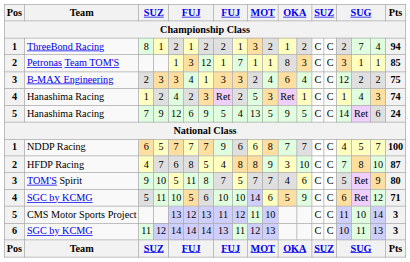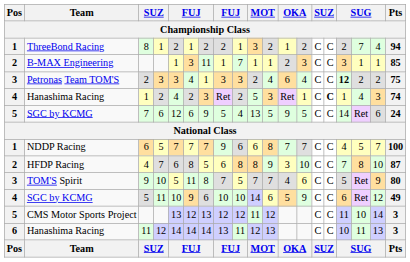 <table class="wikitable" style="font-size: 85%; text-align:center">
 <tr valign="top">
 <th valign="middle">Pos</th>
 <th valign="middle">Team</th>
 <th colspan=2><a href='#'>SUZ</a></th>
 <th colspan=3><a href='#'>FUJ</a></th>
 <th colspan=2><a href='#'>FUJ</a></th>
 <th colspan=2><a href='#'>MOT</a></th>
 <th colspan=2><a href='#'>OKA</a></th>
 <th colspan=2><a href='#'>SUZ</a></th>
 <th colspan=3><a href='#'>SUG</a></th>
 <th valign="middle">Pts</th>
 </tr>
 <tr>
 <th colspan=19>Championship Class</th>
 </tr>
 <tr>
 <th>1</th>
 <td align=left><a href='#'>ThreeBond Racing</a></td>
 <td style="background:#DFFFDF;">8</td>
 <td style="background:#FFFFBF;">1</td>
 <td style="background:#DFDFDF;">2</td>
 <td style="background:#FFFFBF;">1</td>
 <td style="background:#DFDFDF;">2</td>
 <td style="background:#DFDFDF;">2</td>
 <td style="background:#FFFFBF;">1</td>
 <td style="background:#FFDF9F;">3</td>
 <td style="background:#DFDFDF;">2</td>
 <td style="background:#FFFFBF;">1</td>
 <td style="background:#DFDFDF;">2</td>
 <td style="background:#ffffff;">C</td>
 <td style="background:#ffffff;">C</td>
 <td style="background:#DFDFDF;">2</td>
 <td style="background:#DFFFDF;">7</td>
 <td style="background:#DFFFDF;">4</td>
 <th>94</th>
 </tr>
 <tr>
 <th>2</th>
-<td align=left><a href='#'>Petronas</a> <a href='#'>Team TOM'S</a></td>
+<td align=left><a href='#'>B-MAX Engineering</a></td>
 <td></td>
 <td></td>
 <td style="background:#FFFFBF;">1</td>
 <td style="background:#FFDF9F;">3</td>
-<td style="background:#DFFFDF;">12</td>
+<td style="background:#DFFFDF;">11</td>
 <td style="background:#FFFFBF;">1</td>
 <td style="background:#DFFFDF;">7</td>
 <td style="background:#FFFFBF;">1</td>
 <td style="background:#FFFFBF;">1</td>
-<td style="background:#DFDFDF;">8</td>
+<td style="background:#DFDFDF;">2</td>
 <td style="background:#FFDF9F;">3</td>
 <td style="background:#ffffff;">C</td>
 <td style="background:#ffffff;">C</td>
 <td style="background:#FFDF9F;">3</td>
 <td style="background:#FFFFBF;">1</td>
 <td style="background:#FFFFBF;">1</td>
 <th>85</th>
 </tr>
 <tr>
 <th>3</th>
-<td align=left><a href='#'>B-MAX Engineering</a></td>
+<td align=left><a href='#'>Petronas</a> <a href='#'>Team TOM'S</a></td>
 <td style="background:#DFDFDF;">2</td>
 <td style="background:#FFDF9F;">3</td>
 <td style="background:#FFDF9F;">3</td>
 <td style="background:#DFFFDF;">4</td>
 <td style="background:#FFFFBF;">1</td>
 <td style="background:#FFDF9F;">3</td>
 <td style="background:#FFDF9F;">3</td>
 <td style="background:#DFDFDF;">2</td>
 <td style="background:#DFFFDF;">4</td>
 <td style="background:#FFDF9F;">6</td>
 <td style="background:#DFFFDF;">4</td>
 <td style="background:#ffffff;">C</td>
 <td style="background:#ffffff;">C</td>
-<td style="background:#DFFFDF;">12</td>
+<td style="background:#DFFFDF;"><strong>12</strong></td>
 <td style="background:#DFDFDF;">2</td>
 <td style="background:#DFDFDF;">2</td>
 <th>75</th>
 </tr>
 <tr>
 <th>4</th>
 <td align=left>Hanashima Racing</td>
 <td style="background:#FFFFBF;">1</td>
 <td style="background:#DFDFDF;">2</td>
 <td style="background:#DFFFDF;">4</td>
 <td style="background:#DFDFDF;">2</td>
 <td style="background:#FFDF9F;">3</td>
 <td style="background:#EFCFFF;">Ret</td>
 <td style="background:#DFDFDF;">2</td>
 <td style="background:#DFFFDF;">5</td>
 <td style="background:#FFDF9F;">3</td>
 <td style="background:#EFCFFF;">Ret</td>
 <td style="background:#FFFFBF;">1</td>
 <td style="background:#ffffff;">C</td>
-<td style="background:#ffffff;">C</td>
+<td style="background:#ffffff;"><strong>C</strong></td>
 <td style="background:#FFFFBF;">1</td>
 <td style="background:#DFFFDF;">4</td>
 <td style="background:#FFDF9F;">3</td>
 <th>74</th>
 </tr>
 <tr>
 <th>5</th>
-<td align=left>Hanashima Racing</td>
+<td align=left><a href='#'>SGC by KCMG</a></td>
 <td style="background:#DFFFDF;">7</td>
-<td style="background:#DFFFDF;">9</td>
+<td style="background:#DFFFDF;">6</td>
 <td style="background:#DFFFDF;">12</td>
 <td style="background:#DFFFDF;">6</td>
 <td style="background:#DFFFDF;">9</td>
 <td style="background:#DFFFDF;">5</td>
 <td style="background:#DFFFDF;">4</td>
 <td style="background:#DFFFDF;">13</td>
 <td style="background:#DFFFDF;">5</td>
 <td style="background:#DFFFDF;">9</td>
 <td style="background:#DFFFDF;">5</td>
 <td style="background:#ffffff;">C</td>
 <td style="background:#ffffff;">C</td>
 <td style="background:#DFFFDF;">14</td>
 <td style="background:#EFCFFF;">Ret</td>
 <td style="background:#DFDFDF;">6</td>
 <th>24</th>
 </tr>
 <tr>
 <th colspan=19>National Class</th>
 </tr>
 <tr>
 <th>1</th>
 <td align=left>NDDP Racing</td>
 <td style="background:#FFDF9F;">6</td>
 <td style="background:#FFFFBF;">5</td>
 <td style="background:#FFDF9F;">7</td>
 <td style="background:#FFFFBF;">7</td>
 <td style="background:#FFDF9F;">7</td>
 <td style="background:#DFFFDF;">9</td>
 <td style="background:#DFDFDF;">6</td>
 <td style="background:#FFFFBF;">6</td>
 <td style="background:#FFDF9F;">8</td>
 <td style="background:#DFFFDF;">7</td>
 <td style="background:#DFDFDF;">7</td>
 <td style="background:#ffffff;">C</td>
 <td style="background:#ffffff;">C</td>
 <td style="background:#FFFFBF;">4</td>
 <td style="background:#FFFFBF;">5</td>
 <td style="background:#FFFFBF;">7</td>
 <th>100</th>
 </tr>
 <tr>
 <th>2</th>
 <td align=left>HFDP Racing</td>
 <td style="background:#FFFFBF;">4</td>
 <td style="background:#DFDFDF;">7</td>
 <td style="background:#DFDFDF;">6</td>
 <td style="background:#DFDFDF;">8</td>
 <td style="background:#FFFFBF;">5</td>
-<td style="background:#FFFFBF;">4</td>
+<td style="background:#FFFFBF;">6</td>
 <td style="background:#FFDF9F;">8</td>
 <td style="background:#FFDF9F;">8</td>
 <td style="background:#DFFFDF;">9</td>
 <td style="background:#FFFFBF;">3</td>
 <td style="background:#DFFFDF;">10</td>
 <td style="background:#ffffff;">C</td>
 <td style="background:#ffffff;">C</td>
 <td style="background:#DFFFDF;">7</td>
 <td style="background:#FFDF9F;">8</td>
 <td style="background:#DFFFDF;">10</td>
 <th>87</th>
 </tr>
 <tr>
 <th>3</th>
 <td align=left><a href='#'>TOM'S</a> Spirit</td>
 <td style="background:#DFFFDF;">9</td>
 <td style="background:#DFFFDF;">10</td>
 <td style="background:#FFFFBF;">5</td>
 <td style="background:#DFFFDF;">11</td>
 <td style="background:#DFFFDF;">8</td>
 <td style="background:#DFDFDF;">7</td>
 <td style="background:#FFFFBF;">5</td>
 <td style="background:#DFDFDF;">7</td>
 <td style="background:#DFDFDF;">7</td>
 <td style="background:#DFDFDF;">4</td>
 <td style="background:#FFFFBF;">6</td>
 <td style="background:#ffffff;">C</td>
 <td style="background:#ffffff;">C</td>
 <td style="background:#DFDFDF;">5</td>
 <td style="background:#EFCFFF;">Ret</td>
 <td style="background:#FFDF9F;">9</td>
 <th>80</th>
 </tr>
 <tr>
 <th>4</th>
 <td align=left><a href='#'>SGC by KCMG</a></td>
 <td style="background:#DFDFDF;">5</td>
 <td style="background:#DFFFDF;">11</td>
 <td style="background:#DFFFDF;">10</td>
-<td style="background:#FFDF9F;">5</td>
+<td style="background:#FFDF9F;">9</td>
 <td style="background:#DFDFDF;">6</td>
 <td style="background:#DFFFDF;">10</td>
 <td style="background:#DFFFDF;">10</td>
 <td style="background:#CFCFFF;">14</td>
 <td style="background:#FFFFBF;">6</td>
 <td style="background:#FFDF9F;">5</td>
 <td style="background:#DFFFDF;">9</td>
 <td style="background:#ffffff;">C</td>
 <td style="background:#ffffff;">C</td>
 <td style="background:#FFDF9F;">6</td>
 <td style="background:#EFCFFF;">Ret</td>
 <td style="background:#DFFFDF;">12</td>
-<th>71</th>
+<th>49</th>
 </tr>
 <tr>
 <th>5</th>
 <td align=left>CMS Motor Sports Project</td>
 <td></td>
 <td></td>
 <td style="background:#CFCFFF;">13</td>
 <td style="background:#CFCFFF;">12</td>
 <td style="background:#CFCFFF;">13</td>
-<td style="background:#CFCFFF;">11</td>
+<td style="background:#CFCFFF;">12</td>
 <td style="background:#CFCFFF;">12</td>
 <td style="background:#DFFFDF;">11</td>
-<td style="background:#CFCFFF;">10</td>
+<td style="background:#CFCFFF;">12</td>
 <td></td>
 <td></td>
 <td style="background:#ffffff;">C</td>
 <td style="background:#ffffff;">C</td>
 <td style="background:#CFCFFF;">11</td>
 <td style="background:#DFFFDF;">10</td>
 <td style="background:#CFCFFF;">14</td>
 <th>3</th>
 </tr>
 <tr>
 <th>6</th>
-<td align=left><a href='#'>SGC by KCMG</a></td>
+<td align=left>Hanashima Racing</td>
 <td style="background:#DFFFDF;">11</td>
 <td style="background:#CFCFFF;">12</td>
 <td style="background:#CFCFFF;">14</td>
 <td style="background:#CFCFFF;">14</td>
 <td style="background:#CFCFFF;">14</td>
 <td style="background:#CFCFFF;">13</td>
 <td style="background:#DFFFDF;">11</td>
 <td style="background:#CFCFFF;">12</td>
 <td style="background:#CFCFFF;">13</td>
 <td></td>
 <td></td>
 <td style="background:#ffffff;">C</td>
 <td style="background:#ffffff;">C</td>
 <td style="background:#CFCFFF;">10</td>
 <td style="background:#DFFFDF;">11</td>
 <td style="background:#CFCFFF;">13</td>
 <th>3</th>
 </tr>
 <tr valign="top">
 <th valign="middle">Pos</th>
 <th valign="middle">Team</th>
 <th colspan=2><a href='#'>SUZ</a></th>
 <th colspan=3><a href='#'>FUJ</a></th>
 <th colspan=2><a href='#'>FUJ</a></th>
 <th colspan=2><a href='#'>MOT</a></th>
 <th colspan=2><a href='#'>OKA</a></th>
 <th colspan=2><a href='#'>SUZ</a></th>
 <th colspan=3><a href='#'>SUG</a></th>
 <th valign="middle">Pts</th>
 </tr>
 </table>
